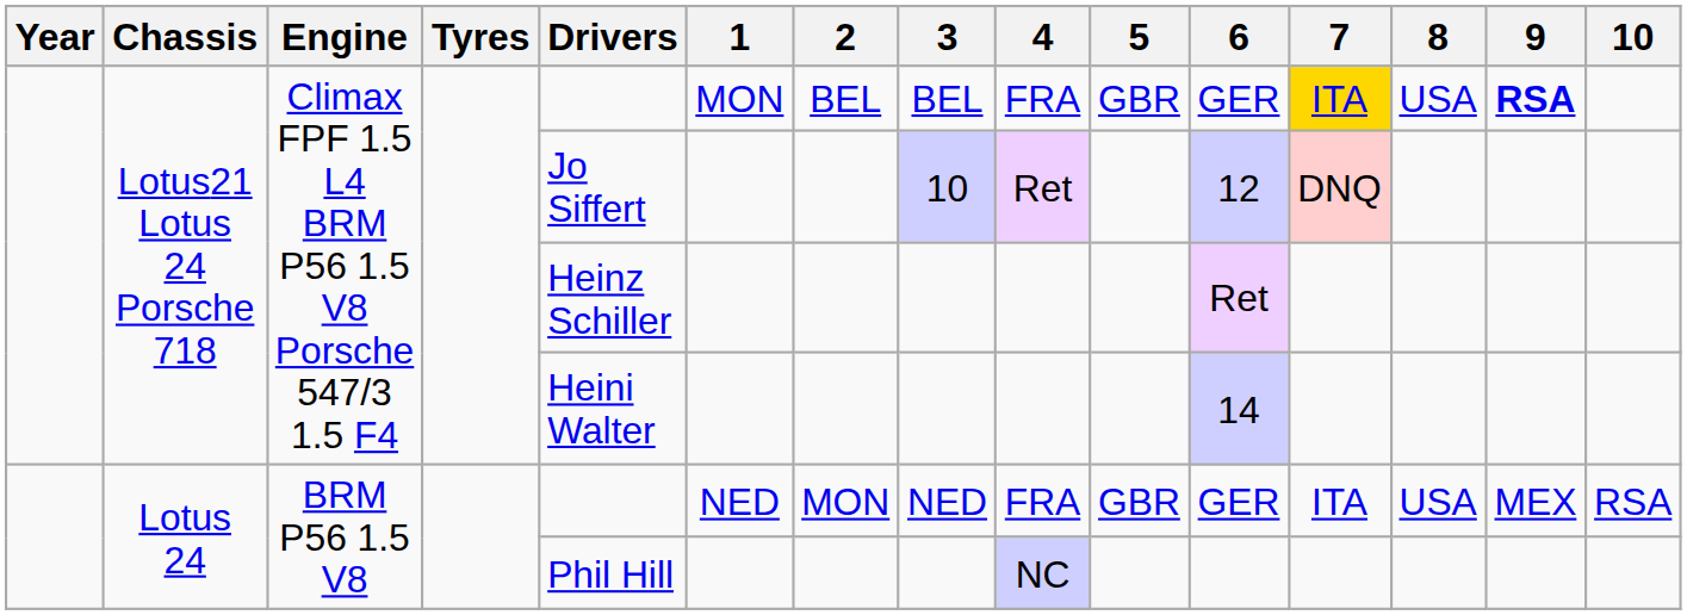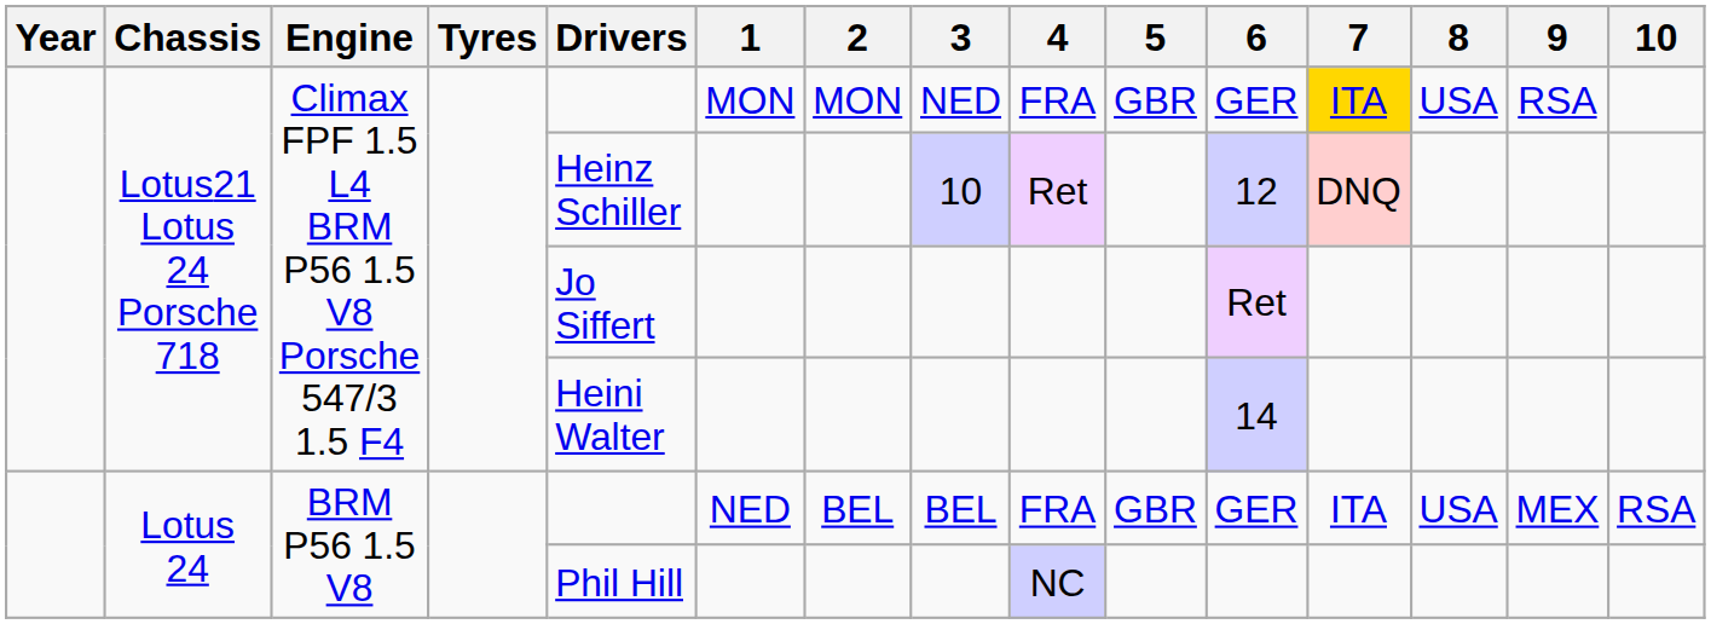 <table class="wikitable" style="text-align:center; font-size:95%">
 <tr>
 <th>Year</th>
 <th>Chassis</th>
 <th>Engine</th>
 <th>Tyres</th>
 <th>Drivers</th>
 <th>1</th>
 <th>2</th>
 <th>3</th>
 <th>4</th>
 <th>5</th>
 <th>6</th>
 <th>7</th>
 <th>8</th>
 <th>9</th>
 <th>10</th>
 </tr>
 <tr>
 <td rowspan="4"></td>
 <td rowspan="4"><a href='#'>Lotus</a><a href='#'>21</a><br><a href='#'>Lotus</a> <a href='#'>24</a><br><a href='#'>Porsche</a> <a href='#'>718</a></td>
 <td rowspan="4"><a href='#'>Climax</a> FPF 1.5 <a href='#'>L4</a><br><a href='#'>BRM</a> P56 1.5 <a href='#'>V8</a><br><a href='#'>Porsche</a> 547/3 1.5 <a href='#'>F4</a></td>
 <td rowspan="4"></td>
 <td></td>
 <td><a href='#'>MON</a></td>
-<td><a href='#'>BEL</a></td>
-<td><a href='#'>BEL</a></td>
+<td><a href='#'>MON</a></td>
+<td><a href='#'>NED</a></td>
 <td><a href='#'>FRA</a></td>
 <td><a href='#'>GBR</a></td>
 <td><a href='#'>GER</a></td>
 <td style="background: gold;"><a href='#'>ITA</a></td>
 <td><a href='#'>USA</a></td>
-<td><strong><a href='#'>RSA</a></strong></td>
+<td><a href='#'>RSA</a></td>
 <td></td>
 </tr>
 <tr>
-<td align="left"> <a href='#'>Jo Siffert</a></td>
+<td align="left"> <a href='#'>Heinz Schiller</a></td>
 <td></td>
 <td></td>
 <td style="background:#CFCFFF;">10</td>
 <td style="background:#efcfff;">Ret</td>
 <td></td>
 <td style="background:#CFCFFF;">12</td>
 <td style="background:#ffcfcf;">DNQ</td>
 <td></td>
 <td></td>
 <td></td>
 </tr>
 <tr>
-<td align="left"> <a href='#'>Heinz Schiller</a></td>
+<td align="left"> <a href='#'>Jo Siffert</a></td>
 <td></td>
 <td></td>
 <td></td>
 <td></td>
 <td></td>
 <td style="background:#efcfff;">Ret</td>
 <td></td>
 <td></td>
 <td></td>
 <td></td>
 </tr>
 <tr>
 <td align="left"> <a href='#'>Heini Walter</a></td>
 <td></td>
 <td></td>
 <td></td>
 <td></td>
 <td></td>
 <td style="background:#CFCFFF;">14</td>
 <td></td>
 <td></td>
 <td></td>
 <td></td>
 </tr>
 <tr>
 <td rowspan="2"></td>
 <td rowspan="2"><a href='#'>Lotus</a> <a href='#'>24</a></td>
 <td rowspan="2"><a href='#'>BRM</a> P56 1.5 <a href='#'>V8</a></td>
 <td rowspan="2"></td>
 <td></td>
 <td><a href='#'>NED</a></td>
-<td><a href='#'>MON</a></td>
-<td><a href='#'>NED</a></td>
+<td><a href='#'>BEL</a></td>
+<td><a href='#'>BEL</a></td>
 <td><a href='#'>FRA</a></td>
 <td><a href='#'>GBR</a></td>
 <td><a href='#'>GER</a></td>
 <td><a href='#'>ITA</a></td>
 <td><a href='#'>USA</a></td>
 <td><a href='#'>MEX</a></td>
 <td><a href='#'>RSA</a></td>
 </tr>
 <tr>
 <td align="left"> <a href='#'>Phil Hill</a></td>
 <td></td>
 <td></td>
 <td></td>
 <td style="background:#CFCFFF;">NC</td>
 <td></td>
 <td></td>
 <td></td>
 <td></td>
 <td></td>
 <td></td>
 </tr>
 </table>
